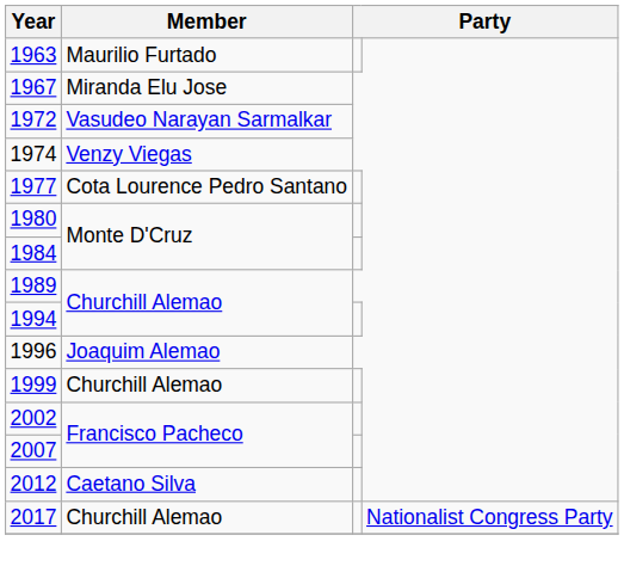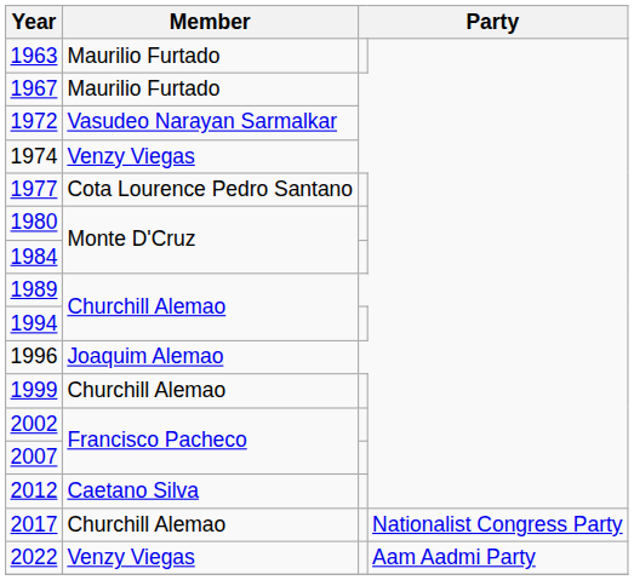 <table class="wikitable sortable">
 <tr>
 <th>Year</th>
 <th>Member</th>
 <th colspan="2">Party</th>
 </tr>
 <tr>
 <td><a href='#'>1963</a></td>
 <td>Maurilio Furtado</td>
 <td></td>
 </tr>
 <tr>
 <td><a href='#'>1967</a></td>
-<td>Miranda Elu Jose</td>
+<td>Maurilio Furtado</td>
 </tr>
 <tr>
 <td><a href='#'>1972</a></td>
 <td><a href='#'>Vasudeo Narayan Sarmalkar</a></td>
 </tr>
 <tr>
 <td>1974</td>
 <td><a href='#'>Venzy Viegas</a></td>
 </tr>
 <tr>
 <td><a href='#'>1977</a></td>
 <td>Cota Lourence Pedro Santano</td>
 <td></td>
 </tr>
 <tr>
 <td><a href='#'>1980</a></td>
 <td rowspan=2>Monte D'Cruz</td>
 <td></td>
 </tr>
 <tr>
 <td><a href='#'>1984</a></td>
 <td></td>
 </tr>
 <tr>
 <td><a href='#'>1989</a></td>
 <td rowspan=2><a href='#'>Churchill Alemao</a></td>
 </tr>
 <tr>
 <td><a href='#'>1994</a></td>
 <td></td>
 </tr>
 <tr>
 <td>1996</td>
 <td><a href='#'>Joaquim Alemao</a></td>
 </tr>
 <tr>
 <td><a href='#'>1999</a></td>
 <td>Churchill Alemao</td>
 <td></td>
 </tr>
 <tr>
 <td><a href='#'>2002</a></td>
 <td rowspan=2><a href='#'>Francisco Pacheco</a></td>
 <td></td>
 </tr>
 <tr>
 <td><a href='#'>2007</a></td>
 <td></td>
 </tr>
 <tr>
 <td><a href='#'>2012</a></td>
 <td><a href='#'>Caetano Silva</a></td>
 <td></td>
 </tr>
 <tr>
 <td><a href='#'>2017</a></td>
 <td>Churchill Alemao</td>
 <td style="background-color: "></td>
 <td><a href='#'>Nationalist Congress Party</a></td>
 </tr>
 <tr>
+<td><a href='#'>2022</a></td>
+<td><a href='#'>Venzy Viegas</a></td>
+<td style="background-color: "></td>
+<td><a href='#'>Aam Aadmi Party</a></td>
+</tr>
+<tr>
 </tr>
 </table>
